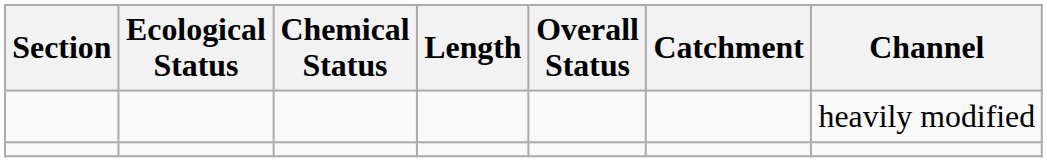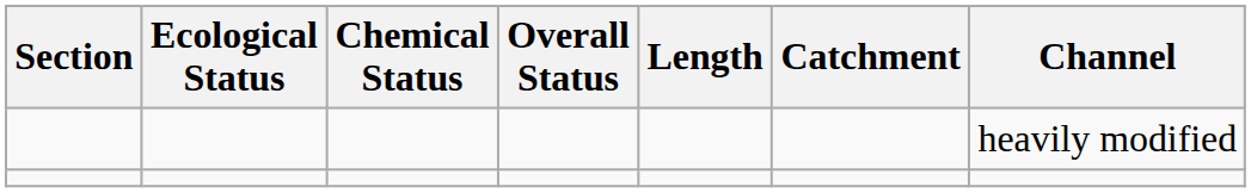 <table class="wikitable">
 <tr>
 <th>Section</th>
 <th>Ecological<br>Status</th>
 <th>Chemical<br>Status</th>
+<th>Overall<br>Status</th>
 <th>Length</th>
-<th>Overall<br>Status</th>
 <th>Catchment</th>
 <th>Channel</th>
 </tr>
 <tr>
 <td></td>
 <td></td>
 <td></td>
 <td></td>
 <td></td>
 <td></td>
 <td>heavily modified</td>
 </tr>
 <tr>
 <td></td>
 <td></td>
 <td></td>
 <td></td>
 <td></td>
 <td></td>
 <td></td>
 </tr>
 </table>
